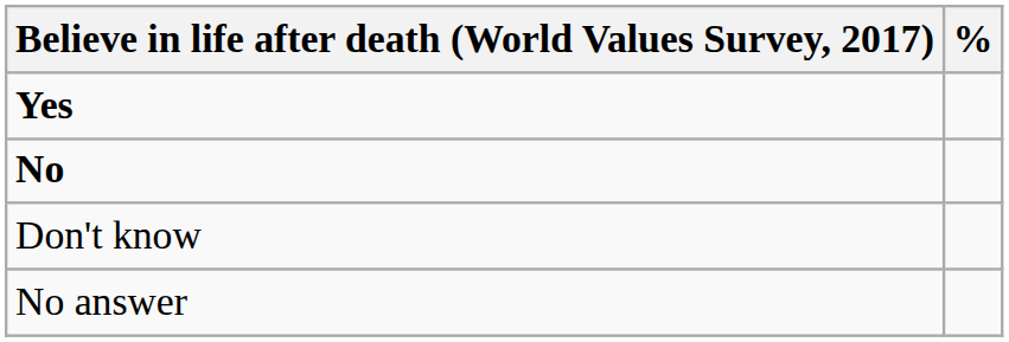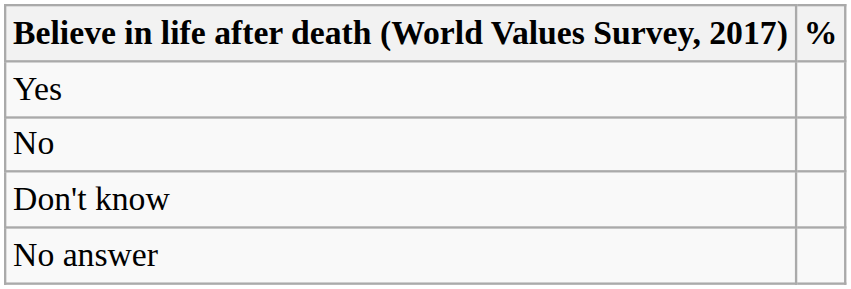 <table class="wikitable float" style="font-size: 90%">
 <tr>
 <th>Believe in life after death (World Values Survey, 2017)</th>
 <th colspan="2">%</th>
 </tr>
 <tr>
-<td><strong>Yes</strong></td>
+<td>Yes</td>
 <td align=right> </td>
 </tr>
 <tr>
-<td><strong>No</strong></td>
+<td>No</td>
 <td align=right> </td>
 </tr>
 <tr>
 <td>Don't know</td>
 <td align=right> </td>
 </tr>
 <tr>
 <td>No answer</td>
 <td align=right> </td>
 </tr>
 </table>
